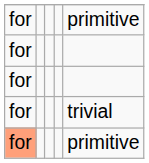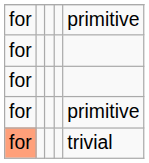 <table class="wikitable">
 <tr>
 </tr>
 <tr>
 <td>for </td>
 <td></td>
 <td></td>
 <td></td>
 <td>primitive</td>
 </tr>
 <tr>
 <td>for </td>
 <td></td>
 <td></td>
 <td></td>
 <td></td>
 </tr>
 <tr>
 <td>for </td>
 <td></td>
 <td></td>
 <td></td>
 <td></td>
 </tr>
 <tr>
 <td>for </td>
 <td></td>
 <td></td>
 <td></td>
-<td>trivial</td>
+<td>primitive</td>
 </tr>
 <tr>
 <td style="background: lightsalmon;">for </td>
 <td></td>
 <td></td>
 <td></td>
-<td>primitive</td>
+<td>trivial</td>
 </tr>
 </table>
